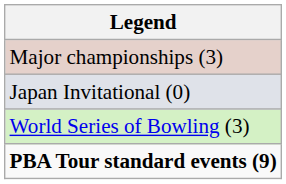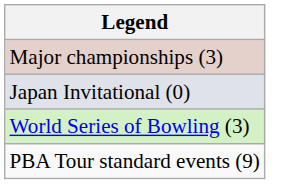 <table class="wikitable" style="font-size:95%;">
 <tr>
 <th>Legend</th>
 </tr>
 <tr style="background:#e5d1cb;">
 <td>Major championships (3)</td>
 </tr>
 <tr style="background:#dfe2e9;">
 <td>Japan Invitational (0)</td>
 </tr>
 <tr style="background:#d4f1c5;">
 <td><a href='#'>World Series of Bowling</a> (3)</td>
 </tr>
 <tr>
-<td><strong>PBA Tour standard events (9)</strong></td>
+<td>PBA Tour standard events (9)</td>
 </tr>
 </table>
